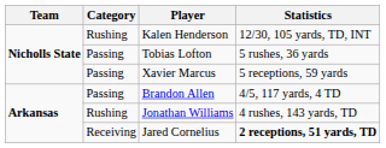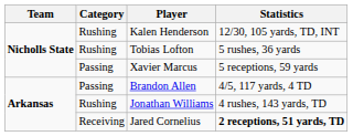 <table class="wikitable" style="float: left;">
 <tr>
 <th>Team</th>
 <th>Category</th>
 <th>Player</th>
 <th>Statistics</th>
 </tr>
 <tr>
 <td rowspan=3><strong>Nicholls State</strong></td>
 <td>Rushing</td>
 <td>Kalen Henderson</td>
 <td>12/30, 105 yards, TD, INT</td>
 </tr>
 <tr>
-<td>Passing</td>
+<td>Rushing</td>
 <td>Tobias Lofton</td>
 <td>5 rushes, 36 yards</td>
 </tr>
 <tr>
 <td>Passing</td>
 <td>Xavier Marcus</td>
 <td>5 receptions, 59 yards</td>
 </tr>
 <tr>
 <td rowspan=3><strong>Arkansas</strong></td>
 <td>Passing</td>
 <td><a href='#'>Brandon Allen</a></td>
 <td>4/5, 117 yards, 4 TD</td>
 </tr>
 <tr>
 <td>Rushing</td>
 <td><a href='#'>Jonathan Williams</a></td>
 <td>4 rushes, 143 yards, TD</td>
 </tr>
 <tr>
 <td>Receiving</td>
 <td>Jared Cornelius</td>
 <td><strong>2 receptions, 51 yards, TD</strong></td>
 </tr>
 </table>
